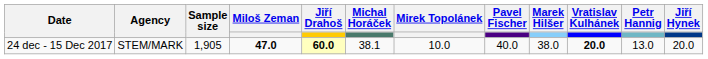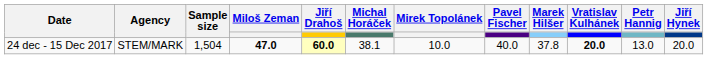 <table class="wikitable" style=text-align:center;font-size:85%;line-height:14px;">
 <tr>
 <th rowspan="2">Date</th>
 <th rowspan="2">Agency</th>
 <th rowspan="2">Sample<br>size</th>
 <th><a href='#'>Miloš Zeman</a></th>
 <th><a href='#'>Jiří Drahoš</a></th>
 <th><a href='#'>Michal Horáček</a></th>
 <th><a href='#'>Mirek Topolánek</a></th>
 <th><a href='#'>Pavel Fischer</a></th>
 <th><a href='#'>Marek Hilšer</a></th>
 <th><a href='#'>Vratislav Kulhánek</a></th>
 <th><a href='#'>Petr Hannig</a></th>
 <th><a href='#'>Jiří Hynek</a></th>
 </tr>
 <tr>
 <th style="background:"></th>
 <th style="background:#FFCB03; width:40px;"></th>
 <th style="background:#49796B; width:40px;"></th>
 <th style="background:"></th>
 <th style="background:#4b0082; width:40px;"></th>
 <th style="background:#87CEFA; width:40px;"></th>
 <th style="background:#0000FF; width:40px;"></th>
 <th style="background:#6FB7C5; width:40px;"></th>
 <th style="background:#013888; width:40px;"></th>
 </tr>
 <tr>
 <td>24 dec - 15 Dec 2017</td>
 <td>STEM/MARK </td>
-<td>1,905</td>
+<td>1,504</td>
 <td><strong>47.0</strong></td>
 <td style="background:#FFFFBF"><strong>60.0</strong></td>
 <td>38.1</td>
 <td>10.0</td>
 <td>40.0</td>
-<td>38.0</td>
+<td>37.8</td>
 <td><strong>20.0</strong></td>
 <td>13.0</td>
 <td>20.0</td>
 </tr>
 </table>
